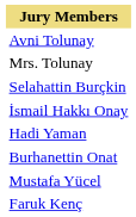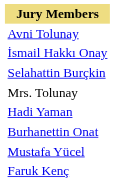 <table align="right" class="toccolours" cellspacing="0" cellpadding="3">
 <tr style="background: #EEDD82">
 <th>Jury Members</th>
 </tr>
 <tr>
 <td><a href='#'>Avni Tolunay</a></td>
 </tr>
 <tr>
-<td>Mrs. Tolunay</td>
+<td><a href='#'>İsmail Hakkı Onay</a></td>
 </tr>
 <tr>
 <td><a href='#'>Selahattin Burçkin</a></td>
 </tr>
 <tr>
-<td><a href='#'>İsmail Hakkı Onay</a></td>
+<td>Mrs. Tolunay</td>
 </tr>
 <tr>
 <td><a href='#'>Hadi Yaman</a></td>
 </tr>
 <tr>
 <td><a href='#'>Burhanettin Onat</a></td>
 </tr>
 <tr>
 <td><a href='#'>Mustafa Yücel</a></td>
 </tr>
 <tr>
 <td><a href='#'>Faruk Kenç</a></td>
 </tr>
 </table>
